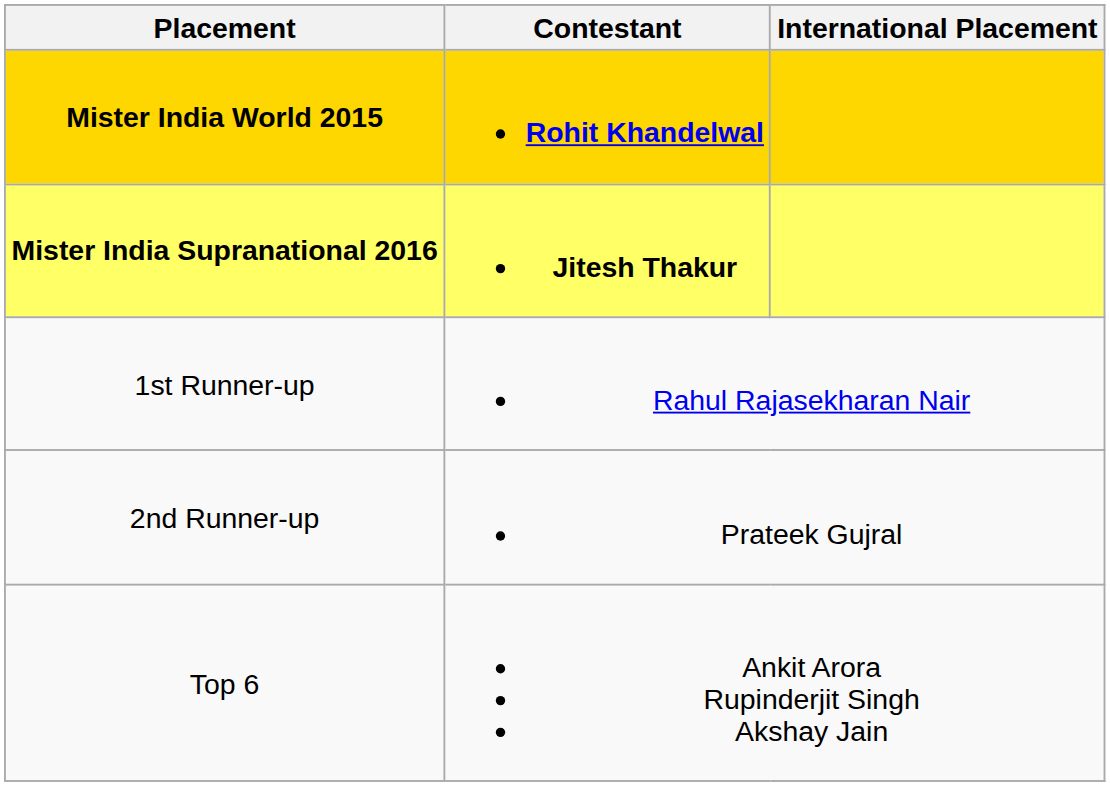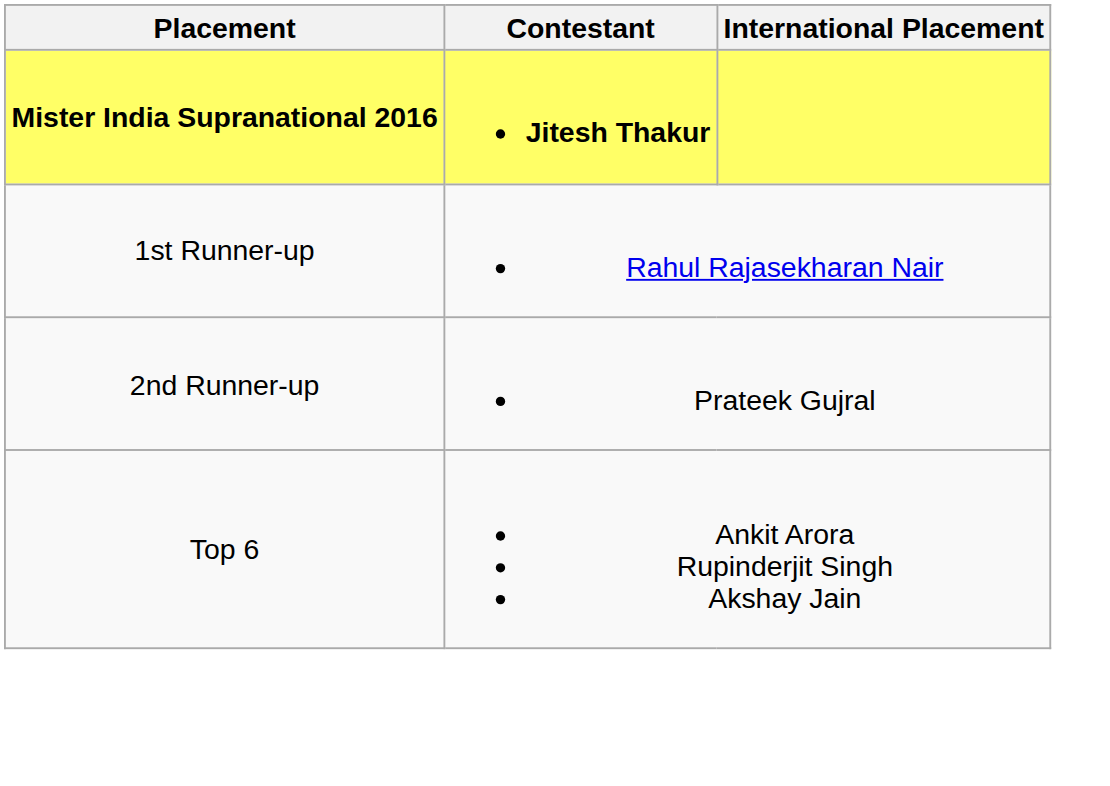 <table class="wikitable sortable" style="font-size: 95%;">
 <tr>
 <th>Placement</th>
 <th>Contestant</th>
 <th>International Placement</th>
-</tr>
-<tr style="background:gold; text-align:center;">
-<td><strong>Mister India World 2015</strong></td>
-<td><br><ul><li><strong><a href='#'>Rohit Khandelwal</a></strong></li></ul></td>
-<td></td>
 </tr>
 <tr style="background:#FFFF66; text-align:center;">
 <td><strong>Mister India Supranational 2016</strong></td>
 <td><br><ul><li><strong>Jitesh Thakur</strong></li></ul></td>
 <td></td>
 </tr>
 <tr align="center">
 <td>1st Runner-up</td>
 <td colspan="2"><br><ul><li><a href='#'>Rahul Rajasekharan Nair</a></li></ul></td>
 </tr>
 <tr align="center">
 <td>2nd Runner-up</td>
 <td colspan="2"><br><ul><li>Prateek Gujral</li></ul></td>
 </tr>
 <tr align="center">
 <td>Top 6</td>
 <td colspan="2"><br><ul><li>Ankit Arora</li><li>Rupinderjit Singh</li><li>Akshay Jain</li></ul></td>
 </tr>
 </table>
